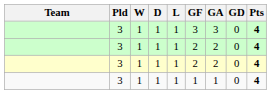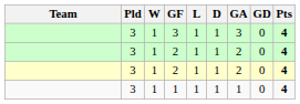 <table class="wikitable" style="text-align:center">
 <tr>
 <th width=150>Team</th>
 <th width=20>Pld</th>
 <th width=20>W</th>
+<th width=20>GF</th>
+<th width=20>L</th>
 <th width=20>D</th>
-<th width=20>L</th>
-<th width=20>GF</th>
 <th width=20>GA</th>
 <th width=20>GD</th>
 <th width=20>Pts</th>
 </tr>
 <tr bgcolor="#ccffcc">
 <td align="left"></td>
 <td>3</td>
 <td>1</td>
+<td>3</td>
 <td>1</td>
 <td>1</td>
-<td>3</td>
 <td>3</td>
 <td>0</td>
 <td><strong>4</strong></td>
 </tr>
 <tr bgcolor="#ccffcc">
 <td align="left"></td>
 <td>3</td>
 <td>1</td>
+<td>2</td>
 <td>1</td>
 <td>1</td>
-<td>2</td>
 <td>2</td>
 <td>0</td>
 <td><strong>4</strong></td>
 </tr>
 <tr bgcolor="#ffffcc">
 <td align="left"></td>
 <td>3</td>
 <td>1</td>
+<td>2</td>
 <td>1</td>
 <td>1</td>
-<td>2</td>
 <td>2</td>
 <td>0</td>
 <td><strong>4</strong></td>
 </tr>
 <tr>
 <td align="left"></td>
 <td>3</td>
 <td>1</td>
 <td>1</td>
 <td>1</td>
 <td>1</td>
 <td>1</td>
 <td>0</td>
 <td><strong>4</strong></td>
 </tr>
 </table>
